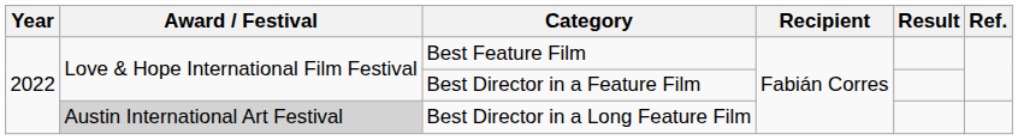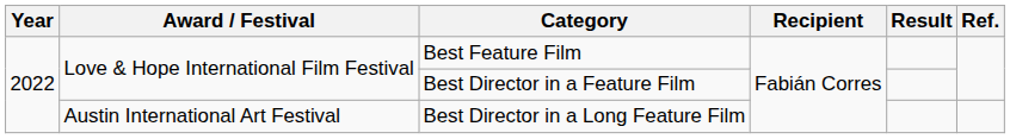 <table class="wikitable">
 <tr>
 <th>Year</th>
 <th>Award / Festival</th>
 <th>Category</th>
 <th>Recipient</th>
 <th>Result</th>
 <th>Ref.</th>
 </tr>
 <tr>
 <td rowspan="3">2022</td>
 <td rowspan="2">Love & Hope International Film Festival</td>
 <td>Best Feature Film</td>
 <td rowspan="3">Fabián Corres</td>
 <td></td>
 <td rowspan="2"></td>
 </tr>
 <tr>
 <td>Best Director in a Feature Film</td>
 <td></td>
 </tr>
 <tr>
-<td style="background: lightgrey;">Austin International Art Festival</td>
+<td>Austin International Art Festival</td>
 <td>Best Director in a Long Feature Film</td>
 <td></td>
 <td></td>
 </tr>
 </table>
